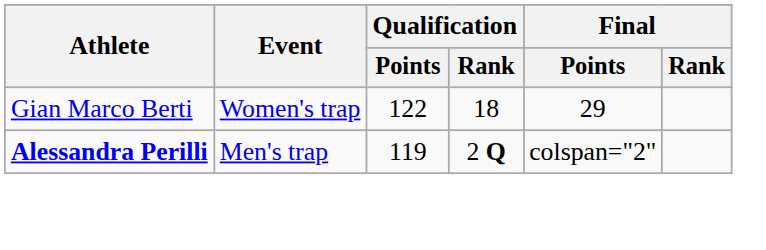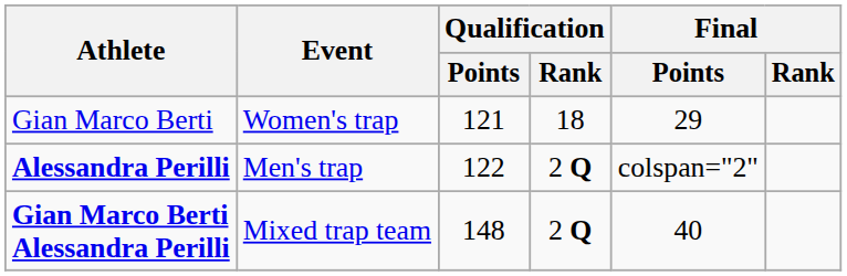 <table class="wikitable" style="font-size:90%">
 <tr>
 <th rowspan="2">Athlete</th>
 <th rowspan="2">Event</th>
 <th colspan=2>Qualification</th>
 <th colspan=2>Final</th>
 </tr>
 <tr style="font-size:95%">
 <th>Points</th>
 <th>Rank</th>
 <th>Points</th>
 <th>Rank</th>
 </tr>
 <tr align=center>
 <td align=left><a href='#'>Gian Marco Berti</a></td>
 <td align=left><a href='#'>Women's trap</a></td>
-<td>122</td>
+<td>121</td>
 <td>18</td>
 <td>29</td>
 </tr>
 <tr align=center>
 <td align=left><strong><a href='#'>Alessandra Perilli</a></strong></td>
 <td align=left><a href='#'>Men's trap</a></td>
-<td>119</td>
+<td>122</td>
 <td>2 <strong>Q</strong></td>
 <td>colspan="2"</td>
 <td></td>
 </tr>
+<tr align=center>
+<td align=left><strong><a href='#'>Gian Marco Berti</a><br><a href='#'>Alessandra Perilli</a> </strong></td>
+<td align=left><a href='#'>Mixed trap team</a></td>
+<td>148</td>
+<td>2 <strong>Q</strong></td>
+<td>40</td>
+<td></td>
+</tr>
 </table>
